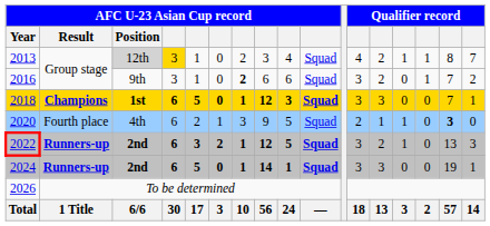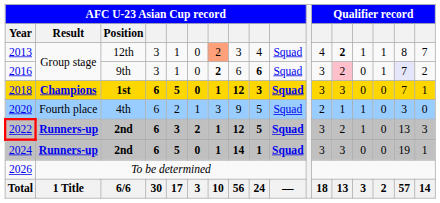 <table class="wikitable" style="text-align: center;font-size:95%;">
 <tr>
 <th colspan="10"style=background:blue;color:white>AFC U-23 Asian Cup record</th>
 <th rowspan="27"></th>
 <th colspan="7"style=background:blue;color:white>Qualifier record</th>
 </tr>
 <tr>
 <th>Year</th>
 <th>Result</th>
 <th>Position</th>
 <th width=20></th>
 <th width=20></th>
 <th width=20></th>
 <th width=20></th>
 <th width=20></th>
 <th width=20></th>
 <th width=20></th>
 <th width=20></th>
 <th width=20></th>
 <th width=20></th>
 <th width=20></th>
 <th width=20></th>
 <th width=20></th>
 </tr>
 <tr>
 <td> <a href='#'>2013</a></td>
 <td rowspan=2>Group stage</td>
-<td style="background: lightgrey;">12th</td>
-<td style="background: gold;">3</td>
+<td>12th</td>
+<td>3</td>
 <td>1</td>
 <td>0</td>
-<td>2</td>
+<td style="background: lightsalmon;">2</td>
 <td>3</td>
 <td>4</td>
 <td><a href='#'>Squad</a></td>
 <td>4</td>
-<td>2</td>
+<td><strong>2</strong></td>
 <td>1</td>
 <td>1</td>
 <td>8</td>
 <td>7</td>
 </tr>
 <tr>
 <td> <a href='#'>2016</a></td>
 <td>9th</td>
 <td>3</td>
 <td>1</td>
 <td>0</td>
 <td><strong>2</strong></td>
 <td>6</td>
-<td>6</td>
+<td><strong>6</strong></td>
 <td><a href='#'>Squad</a></td>
 <td>3</td>
-<td>2</td>
+<td style="background: pink;">2</td>
 <td>0</td>
 <td>1</td>
-<td>7</td>
+<td style="background: lavender;">7</td>
 <td>2</td>
 </tr>
 <tr bgcolor=gold>
 <td> <a href='#'>2018</a></td>
 <td><strong><a href='#'>Champions</a></strong></td>
 <td><strong>1st</strong></td>
 <td><strong>6</strong></td>
 <td><strong>5</strong></td>
 <td><strong>0</strong></td>
 <td><strong>1</strong></td>
 <td><strong>12</strong></td>
 <td><strong>3</strong></td>
 <td><strong><a href='#'>Squad</a></strong></td>
 <td>3</td>
 <td>3</td>
 <td>0</td>
 <td>0</td>
 <td>7</td>
 <td>1</td>
 </tr>
 <tr bgcolor=#9acdff>
 <td> <a href='#'>2020</a></td>
 <td>Fourth place</td>
 <td>4th</td>
 <td>6</td>
 <td>2</td>
 <td>1</td>
 <td>3</td>
 <td>9</td>
 <td>5</td>
 <td><a href='#'>Squad</a></td>
 <td>2</td>
 <td>1</td>
 <td>1</td>
 <td>0</td>
-<td><strong>3</strong></td>
+<td>3</td>
 <td>0</td>
 </tr>
 <tr bgcolor=silver>
 <td style="border: 3px solid red"> <a href='#'>2022</a></td>
 <td><strong><a href='#'>Runners-up</a></strong></td>
 <td><strong>2nd</strong></td>
 <td><strong>6</strong></td>
 <td><strong>3</strong></td>
 <td><strong>2</strong></td>
 <td><strong>1</strong></td>
 <td><strong>12</strong></td>
 <td><strong>5</strong></td>
 <td><strong><a href='#'>Squad</a></strong></td>
 <td>3</td>
 <td>2</td>
 <td>1</td>
 <td>0</td>
 <td>13</td>
 <td>3</td>
 </tr>
 <tr bgcolor=silver>
 <td> <a href='#'>2024</a></td>
 <td><strong><a href='#'>Runners-up</a></strong></td>
 <td><strong>2nd</strong></td>
 <td><strong>6</strong></td>
 <td><strong>5</strong></td>
 <td><strong>0</strong></td>
 <td><strong>1</strong></td>
 <td><strong>14</strong></td>
 <td><strong>1</strong></td>
 <td><strong><a href='#'>Squad</a></strong></td>
 <td>3</td>
 <td>3</td>
 <td>0</td>
 <td>0</td>
 <td>19</td>
 <td>1</td>
 </tr>
 <tr>
 <td> <a href='#'>2026</a></td>
 <td colspan=9><em>To be determined</em></td>
 </tr>
 <tr>
 <th>Total</th>
 <th>1 Title</th>
 <th>6/6</th>
 <th>30</th>
 <th>17</th>
 <th>3</th>
 <th>10</th>
 <th>56</th>
 <th>24</th>
 <th>—</th>
 <th>18</th>
 <th>13</th>
 <th>3</th>
 <th>2</th>
 <th>57</th>
 <th>14</th>
 </tr>
 </table>
